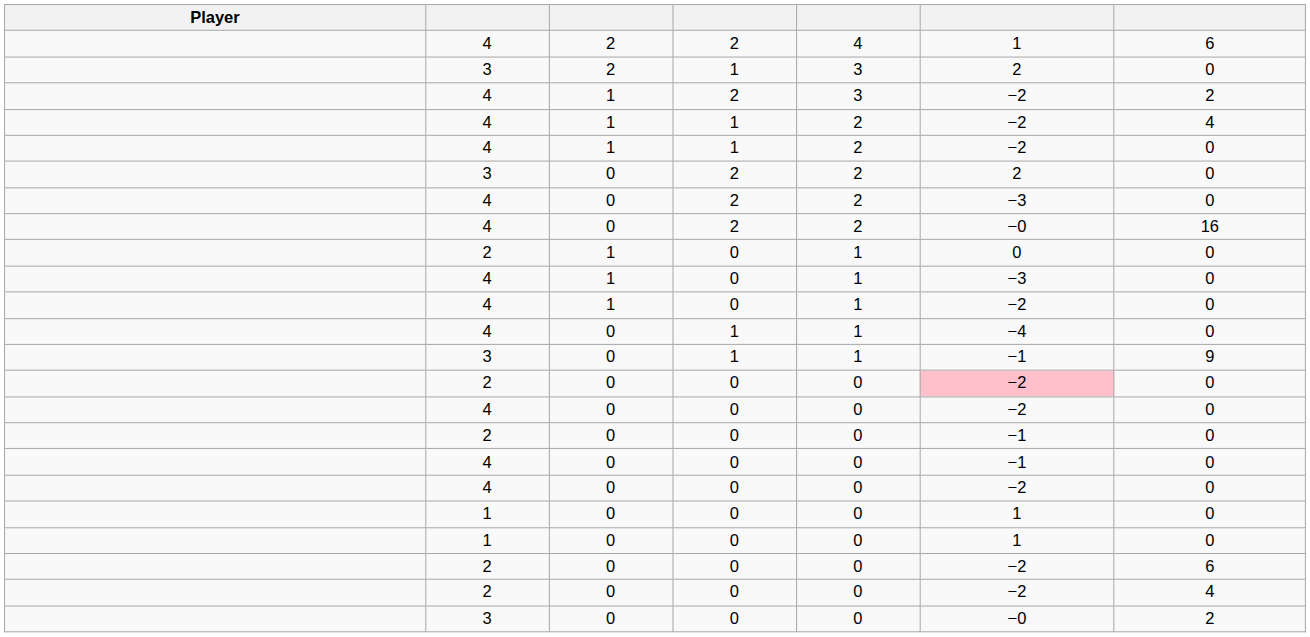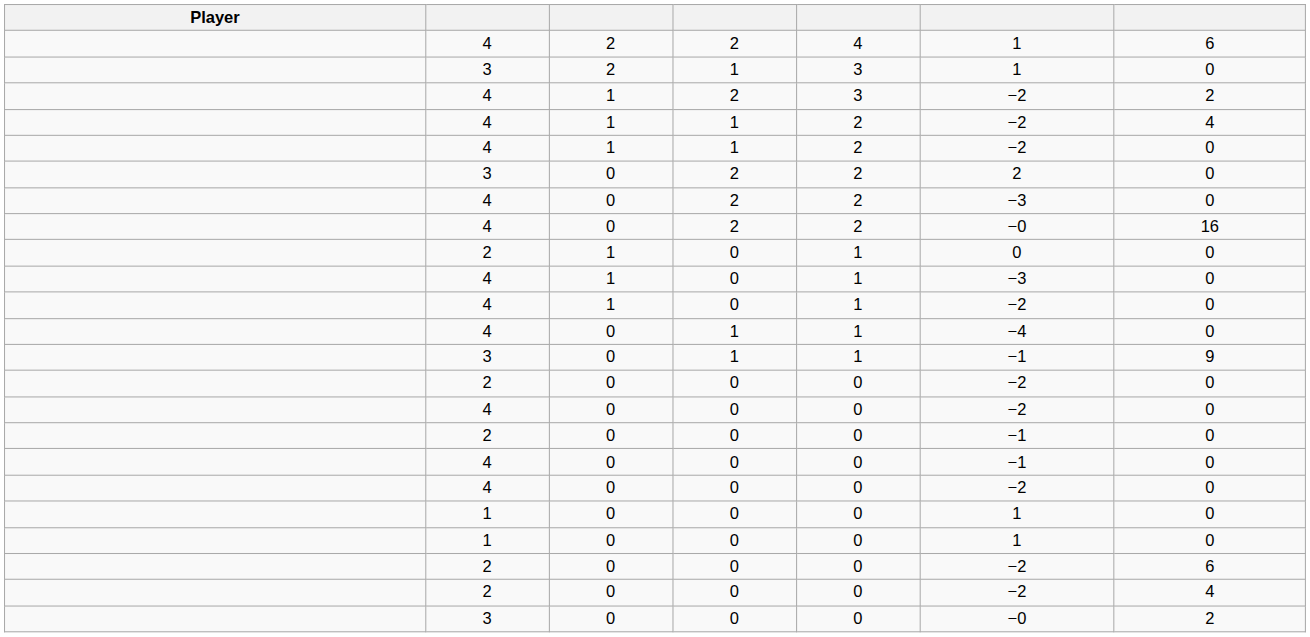 <table class="wikitable sortable" style="width:100%; text-align:center;">
 <tr align=center>
 <th>Player</th>
 <th></th>
 <th></th>
 <th></th>
 <th></th>
 <th data-sort-type="number"></th>
 <th></th>
 </tr>
 <tr>
 <td></td>
 <td>4</td>
 <td>2</td>
 <td>2</td>
 <td>4</td>
 <td>1</td>
 <td>6</td>
 </tr>
 <tr>
 <td></td>
 <td>3</td>
 <td>2</td>
 <td>1</td>
 <td>3</td>
-<td>2</td>
+<td>1</td>
 <td>0</td>
 </tr>
 <tr>
 <td></td>
 <td>4</td>
 <td>1</td>
 <td>2</td>
 <td>3</td>
 <td>−2</td>
 <td>2</td>
 </tr>
 <tr>
 <td></td>
 <td>4</td>
 <td>1</td>
 <td>1</td>
 <td>2</td>
 <td>−2</td>
 <td>4</td>
 </tr>
 <tr>
 <td></td>
 <td>4</td>
 <td>1</td>
 <td>1</td>
 <td>2</td>
 <td>−2</td>
 <td>0</td>
 </tr>
 <tr>
 <td></td>
 <td>3</td>
 <td>0</td>
 <td>2</td>
 <td>2</td>
 <td>2</td>
 <td>0</td>
 </tr>
 <tr>
 <td></td>
 <td>4</td>
 <td>0</td>
 <td>2</td>
 <td>2</td>
 <td>−3</td>
 <td>0</td>
 </tr>
 <tr>
 <td></td>
 <td>4</td>
 <td>0</td>
 <td>2</td>
 <td>2</td>
 <td>−0</td>
 <td>16</td>
 </tr>
 <tr>
 <td></td>
 <td>2</td>
 <td>1</td>
 <td>0</td>
 <td>1</td>
 <td>0</td>
 <td>0</td>
 </tr>
 <tr>
 <td></td>
 <td>4</td>
 <td>1</td>
 <td>0</td>
 <td>1</td>
 <td>−3</td>
 <td>0</td>
 </tr>
 <tr>
 <td></td>
 <td>4</td>
 <td>1</td>
 <td>0</td>
 <td>1</td>
 <td>−2</td>
 <td>0</td>
 </tr>
 <tr>
 <td></td>
 <td>4</td>
 <td>0</td>
 <td>1</td>
 <td>1</td>
 <td>−4</td>
 <td>0</td>
 </tr>
 <tr>
 <td></td>
 <td>3</td>
 <td>0</td>
 <td>1</td>
 <td>1</td>
 <td>−1</td>
 <td>9</td>
 </tr>
 <tr>
 <td></td>
 <td>2</td>
 <td>0</td>
 <td>0</td>
 <td>0</td>
-<td style="background: pink;">−2</td>
+<td>−2</td>
 <td>0</td>
 </tr>
 <tr>
 <td></td>
 <td>4</td>
 <td>0</td>
 <td>0</td>
 <td>0</td>
 <td>−2</td>
 <td>0</td>
 </tr>
 <tr>
 <td></td>
 <td>2</td>
 <td>0</td>
 <td>0</td>
 <td>0</td>
 <td>−1</td>
 <td>0</td>
 </tr>
 <tr>
 <td></td>
 <td>4</td>
 <td>0</td>
 <td>0</td>
 <td>0</td>
 <td>−1</td>
 <td>0</td>
 </tr>
 <tr>
 <td></td>
 <td>4</td>
 <td>0</td>
 <td>0</td>
 <td>0</td>
 <td>−2</td>
 <td>0</td>
 </tr>
 <tr>
 <td></td>
 <td>1</td>
 <td>0</td>
 <td>0</td>
 <td>0</td>
 <td>1</td>
 <td>0</td>
 </tr>
 <tr>
 <td></td>
 <td>1</td>
 <td>0</td>
 <td>0</td>
 <td>0</td>
 <td>1</td>
 <td>0</td>
 </tr>
 <tr>
 <td></td>
 <td>2</td>
 <td>0</td>
 <td>0</td>
 <td>0</td>
 <td>−2</td>
 <td>6</td>
 </tr>
 <tr>
 <td></td>
 <td>2</td>
 <td>0</td>
 <td>0</td>
 <td>0</td>
 <td>−2</td>
 <td>4</td>
 </tr>
 <tr>
 <td></td>
 <td>3</td>
 <td>0</td>
 <td>0</td>
 <td>0</td>
 <td>−0</td>
 <td>2</td>
 </tr>
 </table>
